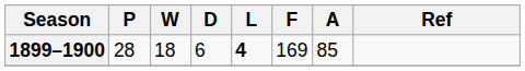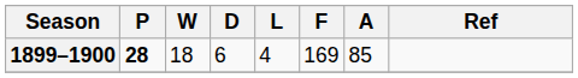 <table class="wikitable" align="”centre”" border:95%;">
 <tr bgcolor="#efefef">
 </tr>
 <tr bgcolor="#efefef">
 <th>Season</th>
 <th style="width:20pt;">P</th>
 <th style="width:20pt;">W</th>
 <th style="width:20pt;">D</th>
 <th style="width:20pt;">L</th>
 <th style="width:20pt;">F</th>
 <th style="width:20pt;">A</th>
 <th style="width:100pt;">Ref</th>
 </tr>
 <tr>
 <th>1899–1900</th>
-<td>28</td>
+<td><strong>28</strong></td>
 <td>18</td>
 <td>6</td>
-<td><strong>4</strong></td>
+<td>4</td>
 <td>169</td>
 <td>85</td>
 <td></td>
 </tr>
 <tr>
 </tr>
 </table>
